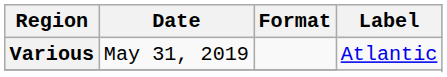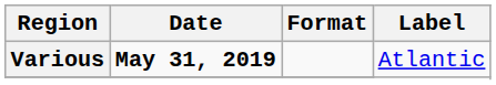 <table class="wikitable plainrowheaders">
 <tr>
 <th scope="col">Region</th>
 <th scope="col">Date</th>
 <th scope="col">Format</th>
 <th scope="col">Label</th>
 </tr>
 <tr>
 <th scope="row">Various</th>
-<td>May 31, 2019</td>
+<td><strong>May 31, 2019</strong></td>
 <td></td>
 <td rowspan="2"><a href='#'>Atlantic</a></td>
 </tr>
 <tr>
 </tr>
 </table>
